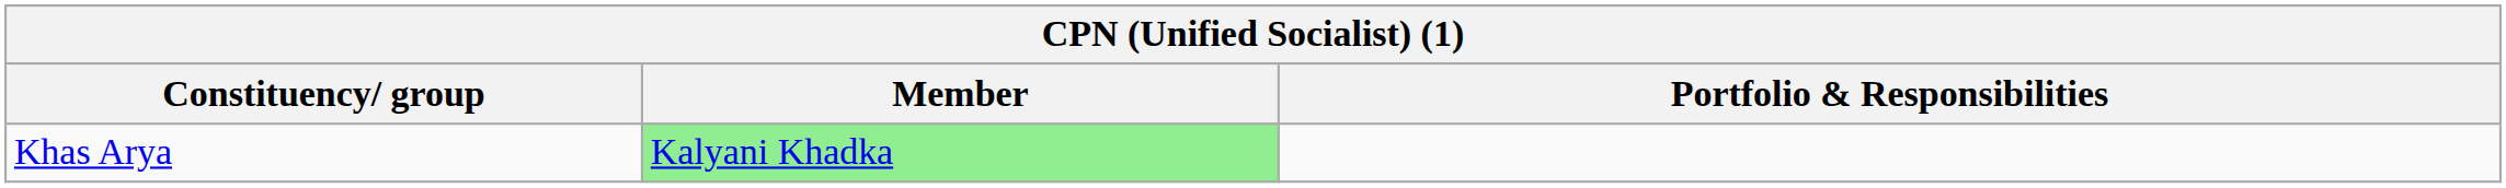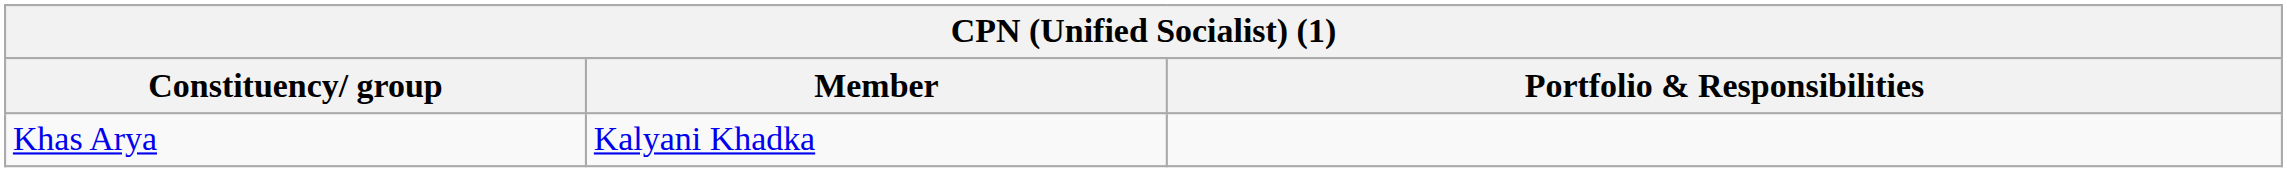 <table class="wikitable">
 <tr>
 <th colspan="3" style="width: 800pt; background:">CPN (Unified Socialist) (1)</th>
 </tr>
 <tr>
 <th style="width:200pt;">Constituency/ group</th>
 <th style="width:200pt;">Member</th>
 <th>Portfolio & Responsibilities</th>
 </tr>
 <tr>
 <td><a href='#'>Khas Arya</a></td>
-<td style="background: lightgreen;"><a href='#'>Kalyani Khadka</a></td>
+<td><a href='#'>Kalyani Khadka</a></td>
 <td></td>
 </tr>
 </table>
